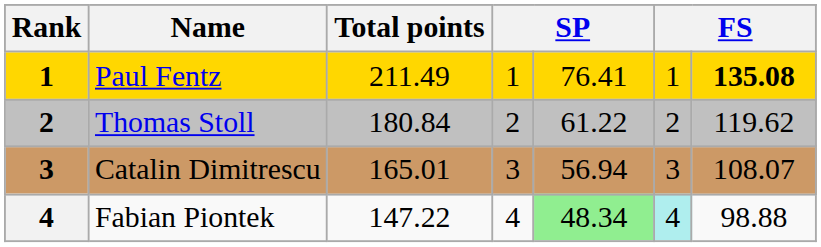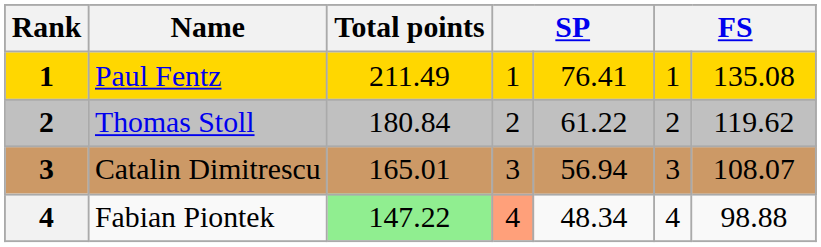 <table class="wikitable sortable">
 <tr>
 <th>Rank</th>
 <th>Name</th>
 <th>Total points</th>
 <th colspan="2" width="80px"><a href='#'>SP</a></th>
 <th colspan="2" width="80px"><a href='#'>FS</a></th>
 </tr>
 <tr bgcolor="gold">
 <td align="center"><strong>1</strong></td>
 <td><a href='#'>Paul Fentz</a></td>
 <td align="center">211.49</td>
 <td align="center">1</td>
 <td align="center">76.41</td>
 <td align="center">1</td>
-<td align="center"><strong>135.08</strong></td>
+<td align="center">135.08</td>
 </tr>
 <tr bgcolor="silver">
 <td align="center"><strong>2</strong></td>
 <td><a href='#'>Thomas Stoll</a></td>
 <td align="center">180.84</td>
 <td align="center">2</td>
 <td align="center">61.22</td>
 <td align="center">2</td>
 <td align="center">119.62</td>
 </tr>
 <tr bgcolor="cc9966">
 <td align="center"><strong>3</strong></td>
 <td>Catalin Dimitrescu</td>
 <td align="center">165.01</td>
 <td align="center">3</td>
 <td align="center">56.94</td>
 <td align="center">3</td>
 <td align="center">108.07</td>
 </tr>
 <tr>
 <th>4</th>
 <td>Fabian Piontek</td>
-<td align="center">147.22</td>
+<td align="center" style="background: lightgreen;">147.22</td>
+<td align="center" style="background: lightsalmon;">4</td>
+<td align="center">48.34</td>
 <td align="center">4</td>
-<td align="center" style="background: lightgreen;">48.34</td>
-<td align="center" style="background: paleturquoise;">4</td>
 <td align="center">98.88</td>
 </tr>
 </table>
